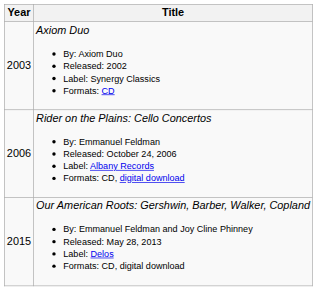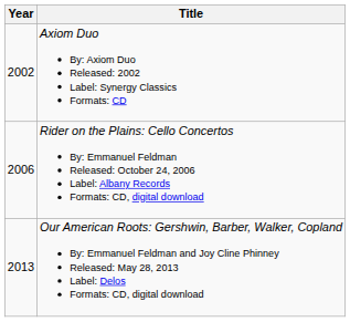 <table class="wikitable">
 <tr>
 <th rowspan="1">Year</th>
 <th rowspan="1">Title</th>
 </tr>
 <tr>
-<td>2003</td>
+<td>2002</td>
 <td><em>Axiom Duo</em><br><ul><li><small>By: Axiom Duo</small></li><li><small>Released: 2002</small></li><li><small>Label: Synergy Classics</small></li><li><small>Formats: <a href='#'>CD</a></small></li></ul></td>
 </tr>
 <tr>
 <td>2006</td>
 <td><em>Rider on the Plains: Cello Concertos</em><br><ul><li><small>By: Emmanuel Feldman</small></li><li><small>Released: October 24, 2006</small></li><li><small>Label: <a href='#'>Albany Records</a></small></li><li><small>Formats: CD, <a href='#'>digital download</a></small></li></ul></td>
 </tr>
 <tr>
-<td>2015</td>
+<td>2013</td>
 <td><em>Our American Roots: Gershwin, Barber, Walker, Copland</em><br><ul><li><small>By: Emmanuel Feldman and Joy Cline Phinney</small></li><li><small>Released: May 28, 2013</small></li><li><small>Label: <a href='#'>Delos</a></small></li><li><small>Formats: CD, digital download</small></li></ul></td>
 </tr>
 </table>
